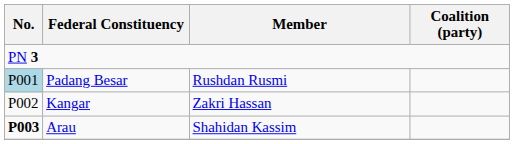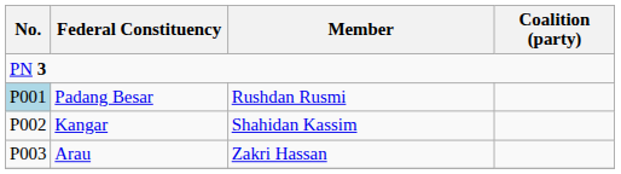 <table class="wikitable sortable">
 <tr>
 <th style="width:30px;">No.</th>
 <th style="width:150px;">Federal Constituency</th>
 <th style="width:230px;">Member</th>
 <th style="width:100px;">Coalition (party)</th>
 </tr>
 <tr>
 <td colspan="4"><a href='#'>PN</a> <strong>3</strong></td>
 </tr>
 <tr>
 <td style="background: lightblue;">P001</td>
 <td><a href='#'>Padang Besar</a></td>
 <td><a href='#'>Rushdan Rusmi</a></td>
 <td></td>
 </tr>
 <tr>
 <td>P002</td>
 <td><a href='#'>Kangar</a></td>
-<td><a href='#'>Zakri Hassan</a></td>
+<td><a href='#'>Shahidan Kassim</a></td>
 <td></td>
 </tr>
 <tr>
-<td><strong>P003</strong></td>
+<td>P003</td>
 <td><a href='#'>Arau</a></td>
-<td><a href='#'>Shahidan Kassim</a></td>
+<td><a href='#'>Zakri Hassan</a></td>
 <td></td>
 </tr>
 <tr>
 </tr>
 </table>
